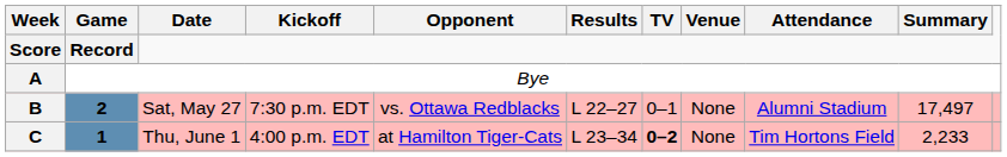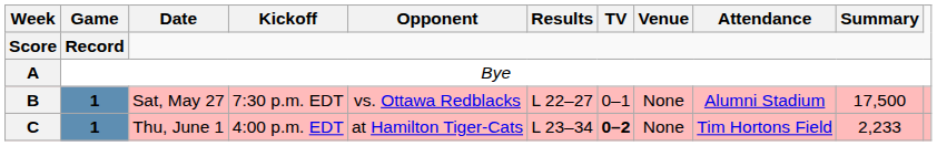 <table class="wikitable" style="font-size: 95%;">
 <tr>
 <th scope="col">Week</th>
 <th scope="col">Game</th>
 <th scope="col">Date</th>
 <th scope="col">Kickoff</th>
 <th scope="col">Opponent</th>
 <th scope="col">Results</th>
 <th scope="col">TV</th>
 <th scope="col">Venue</th>
 <th scope="col">Attendance</th>
 <th scope="col">Summary</th>
 </tr>
 <tr>
 <th scope="col">Score</th>
 <th scope="col">Record</th>
 </tr>
 <tr align="center"= bgcolor="ffffff">
 <th align="center"><strong>A</strong></th>
 <td colspan=10 align="center" valign="middle"><em>Bye</em></td>
 </tr>
 <tr align="center"= bgcolor="ffbbbb">
 <th align="center"><strong>B</strong></th>
-<th style="text-align:center; background:#5E8EB2;"><span>2</span></th>
+<th style="text-align:center; background:#5E8EB2;"><span>1</span></th>
 <td align="center">Sat, May 27</td>
 <td align="center">7:30 p.m. EDT</td>
 <td align="center">vs. <a href='#'>Ottawa Redblacks</a></td>
 <td align="center">L 22–27</td>
 <td align="center">0–1</td>
 <td align="center">None</td>
 <td align="center"><a href='#'>Alumni Stadium</a></td>
-<td align="center">17,497</td>
+<td align="center">17,500</td>
 <td align="center"></td>
 </tr>
 <tr align="center"= bgcolor="ffbbbb">
 <th align="center"><strong>C</strong></th>
 <th style="text-align:center; background:#5E8EB2;"><span>1</span></th>
 <td align="center">Thu, June 1</td>
 <td align="center">4:00 p.m. <a href='#'>EDT</a></td>
 <td align="center">at <a href='#'>Hamilton Tiger-Cats</a></td>
 <td align="center">L 23–34</td>
 <td align="center"><strong>0–2</strong></td>
 <td align="center">None</td>
 <td align="center"><a href='#'>Tim Hortons Field</a></td>
 <td align="center">2,233</td>
 <td align="center"></td>
 </tr>
 </table>
